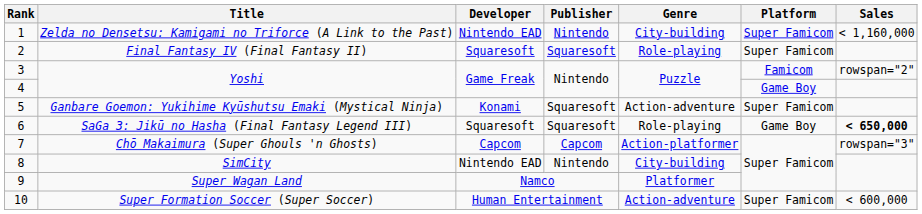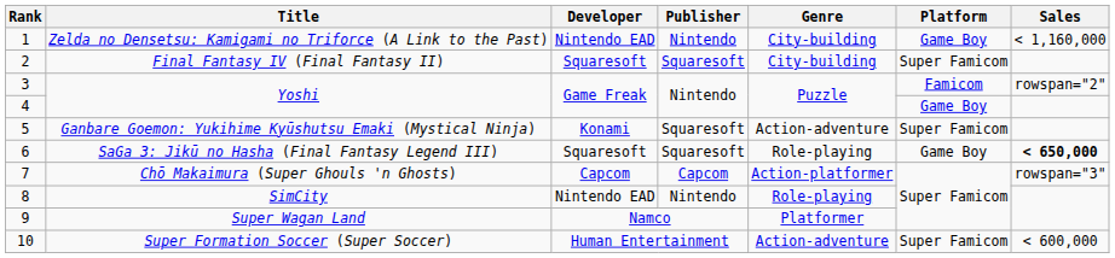 <table class="wikitable sortable" style="text-align:center">
 <tr>
 <th>Rank</th>
 <th>Title</th>
 <th>Developer</th>
 <th>Publisher</th>
 <th>Genre</th>
 <th>Platform</th>
 <th>Sales</th>
 </tr>
 <tr>
 <td>1</td>
 <td><em><a href='#'>Zelda no Densetsu: Kamigami no Triforce</a></em> (<em>A Link to the Past</em>)</td>
 <td><a href='#'>Nintendo EAD</a></td>
 <td><a href='#'>Nintendo</a></td>
 <td><a href='#'>City-building</a></td>
-<td><a href='#'>Super Famicom</a></td>
+<td><a href='#'>Game Boy</a></td>
 <td>< 1,160,000</td>
 </tr>
 <tr>
 <td>2</td>
 <td><em><a href='#'>Final Fantasy IV</a></em> (<em>Final Fantasy II</em>)</td>
 <td><a href='#'>Squaresoft</a></td>
 <td><a href='#'>Squaresoft</a></td>
-<td><a href='#'>Role-playing</a></td>
+<td><a href='#'>City-building</a></td>
 <td>Super Famicom</td>
 <td></td>
 </tr>
 <tr>
 <td>3</td>
 <td rowspan="2"><em><a href='#'>Yoshi</a></em></td>
 <td rowspan="2"><a href='#'>Game Freak</a></td>
 <td rowspan="2">Nintendo</td>
 <td rowspan="2"><a href='#'>Puzzle</a></td>
 <td><a href='#'>Famicom</a></td>
 <td>rowspan="2" </td>
 </tr>
 <tr>
 <td>4</td>
 <td><a href='#'>Game Boy</a></td>
 </tr>
 <tr>
 <td>5</td>
 <td><em><a href='#'>Ganbare Goemon: Yukihime Kyūshutsu Emaki</a></em> (<em>Mystical Ninja</em>)</td>
 <td><a href='#'>Konami</a></td>
 <td>Squaresoft</td>
 <td>Action-adventure</td>
 <td>Super Famicom</td>
 <td></td>
 </tr>
 <tr>
 <td>6</td>
 <td><em><a href='#'>SaGa 3: Jikū no Hasha</a></em> (<em>Final Fantasy Legend III</em>)</td>
 <td>Squaresoft</td>
 <td>Squaresoft</td>
 <td>Role-playing</td>
 <td>Game Boy</td>
 <td><strong>< 650,000</strong></td>
 </tr>
 <tr>
 <td>7</td>
 <td><em><a href='#'>Chō Makaimura</a></em> (<em>Super Ghouls 'n Ghosts</em>)</td>
 <td><a href='#'>Capcom</a></td>
 <td><a href='#'>Capcom</a></td>
 <td><a href='#'>Action-platformer</a></td>
 <td rowspan="3">Super Famicom</td>
 <td>rowspan="3" </td>
 </tr>
 <tr>
 <td>8</td>
 <td><em><a href='#'>SimCity</a></em></td>
 <td>Nintendo EAD</td>
 <td>Nintendo</td>
-<td><a href='#'>City-building</a></td>
+<td><a href='#'>Role-playing</a></td>
 </tr>
 <tr>
 <td>9</td>
 <td><a href='#'><em>Super Wagan Land</em></a></td>
 <td colspan="2"><a href='#'>Namco</a></td>
 <td><a href='#'>Platformer</a></td>
 </tr>
 <tr>
 <td>10</td>
 <td><em><a href='#'>Super Formation Soccer</a></em> (<em>Super Soccer</em>)</td>
 <td colspan="2"><a href='#'>Human Entertainment</a></td>
 <td><a href='#'>Action-adventure</a></td>
 <td>Super Famicom</td>
 <td>< 600,000</td>
 </tr>
 </table>
